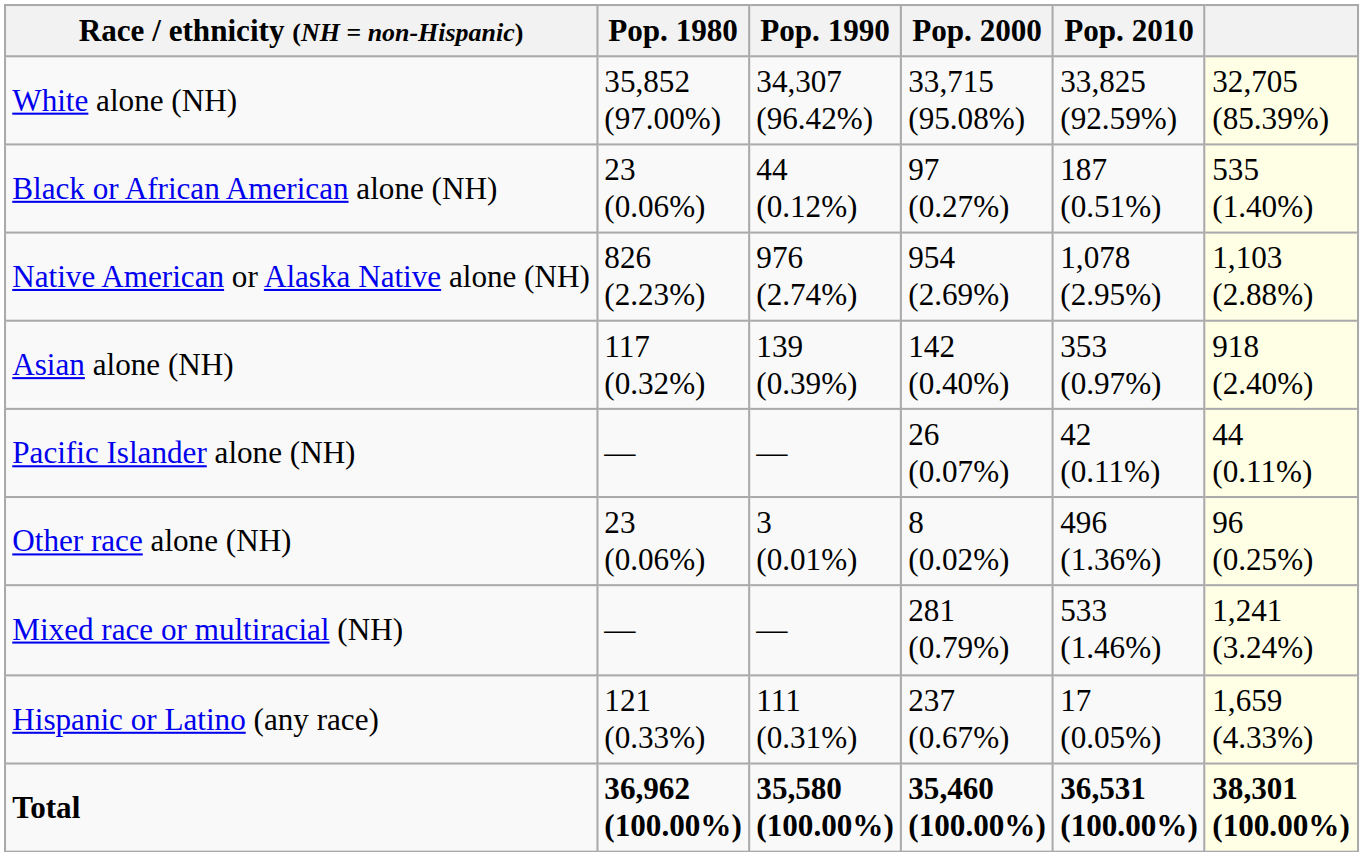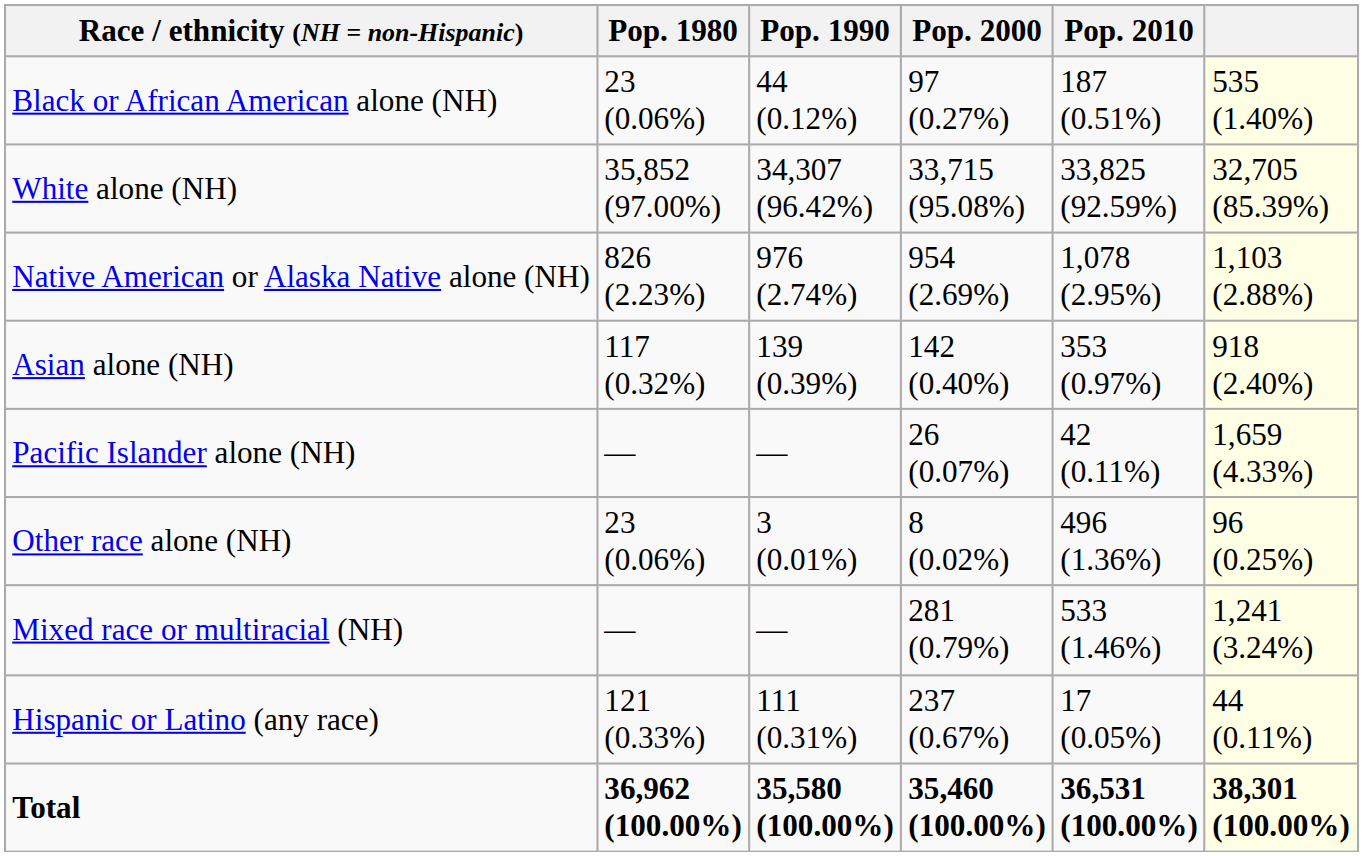 <table class="wikitable sortable collapsible" style="font-size: 95%;">
 <tr>
 <th>Race / ethnicity <small>(<em>NH = non-Hispanic</em>)</small></th>
 <th>Pop. 1980</th>
 <th>Pop. 1990</th>
 <th>Pop. 2000</th>
 <th>Pop. 2010</th>
 <th></th>
 </tr>
 <tr>
+<td><a href='#'>Black or African American</a> alone (NH)</td>
+<td>23<br>(0.06%)</td>
+<td>44<br>(0.12%)</td>
+<td>97<br>(0.27%)</td>
+<td>187<br>(0.51%)</td>
+<td style='background: #ffffe6;'>535<br>(1.40%)</td>
+</tr>
+<tr>
 <td><a href='#'>White</a> alone (NH)</td>
 <td>35,852<br>(97.00%)</td>
 <td>34,307<br>(96.42%)</td>
 <td>33,715<br>(95.08%)</td>
 <td>33,825<br>(92.59%)</td>
 <td style='background: #ffffe6;'>32,705<br>(85.39%)</td>
-</tr>
-<tr>
-<td><a href='#'>Black or African American</a> alone (NH)</td>
-<td>23<br>(0.06%)</td>
-<td>44<br>(0.12%)</td>
-<td>97<br>(0.27%)</td>
-<td>187<br>(0.51%)</td>
-<td style='background: #ffffe6;'>535<br>(1.40%)</td>
 </tr>
 <tr>
 <td><a href='#'>Native American</a> or <a href='#'>Alaska Native</a> alone (NH)</td>
 <td>826<br>(2.23%)</td>
 <td>976<br>(2.74%)</td>
 <td>954<br>(2.69%)</td>
 <td>1,078<br>(2.95%)</td>
 <td style='background: #ffffe6;'>1,103<br>(2.88%)</td>
 </tr>
 <tr>
 <td><a href='#'>Asian</a> alone (NH)</td>
 <td>117<br>(0.32%)</td>
 <td>139<br>(0.39%)</td>
 <td>142<br>(0.40%)</td>
 <td>353<br>(0.97%)</td>
 <td style='background: #ffffe6;'>918<br>(2.40%)</td>
 </tr>
 <tr>
 <td><a href='#'>Pacific Islander</a> alone (NH)</td>
 <td>—</td>
 <td>—</td>
 <td>26<br>(0.07%)</td>
 <td>42<br>(0.11%)</td>
-<td style='background: #ffffe6;'>44<br>(0.11%)</td>
+<td style='background: #ffffe6;'>1,659<br>(4.33%)</td>
 </tr>
 <tr>
 <td><a href='#'>Other race</a> alone (NH)</td>
 <td>23<br>(0.06%)</td>
 <td>3<br>(0.01%)</td>
 <td>8<br>(0.02%)</td>
 <td>496<br>(1.36%)</td>
 <td style='background: #ffffe6;'>96<br>(0.25%)</td>
 </tr>
 <tr>
 <td><a href='#'>Mixed race or multiracial</a> (NH)</td>
 <td>—</td>
 <td>—</td>
 <td>281<br>(0.79%)</td>
 <td>533<br>(1.46%)</td>
 <td style='background: #ffffe6;'>1,241<br>(3.24%)</td>
 </tr>
 <tr>
 <td><a href='#'>Hispanic or Latino</a> (any race)</td>
 <td>121<br>(0.33%)</td>
 <td>111<br>(0.31%)</td>
 <td>237<br>(0.67%)</td>
 <td>17<br>(0.05%)</td>
-<td style='background: #ffffe6;'>1,659<br>(4.33%)</td>
+<td style='background: #ffffe6;'>44<br>(0.11%)</td>
 </tr>
 <tr>
 <td><strong>Total</strong></td>
 <td><strong>36,962<br>(100.00%)</strong></td>
 <td><strong>35,580<br>(100.00%)</strong></td>
 <td><strong>35,460<br>(100.00%)</strong></td>
 <td><strong>36,531<br>(100.00%)</strong></td>
 <td style='background: #ffffe6;'><strong>38,301<br>(100.00%)</strong></td>
 </tr>
 </table>
